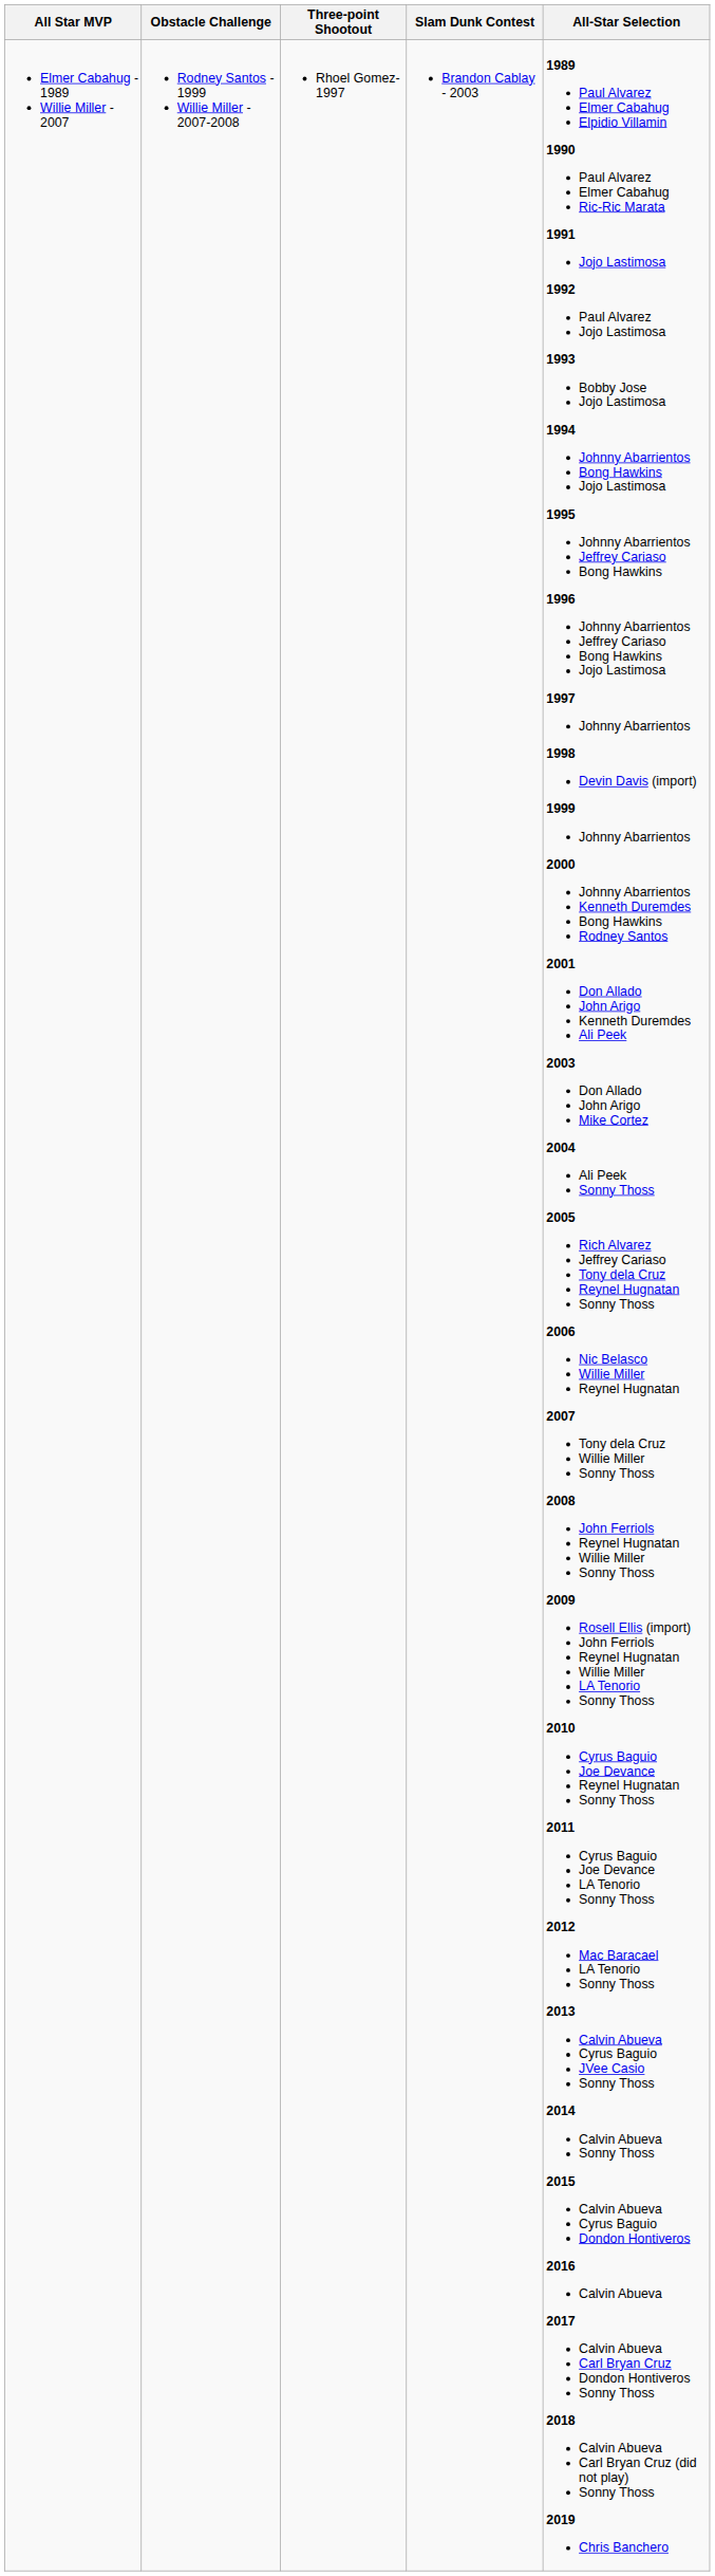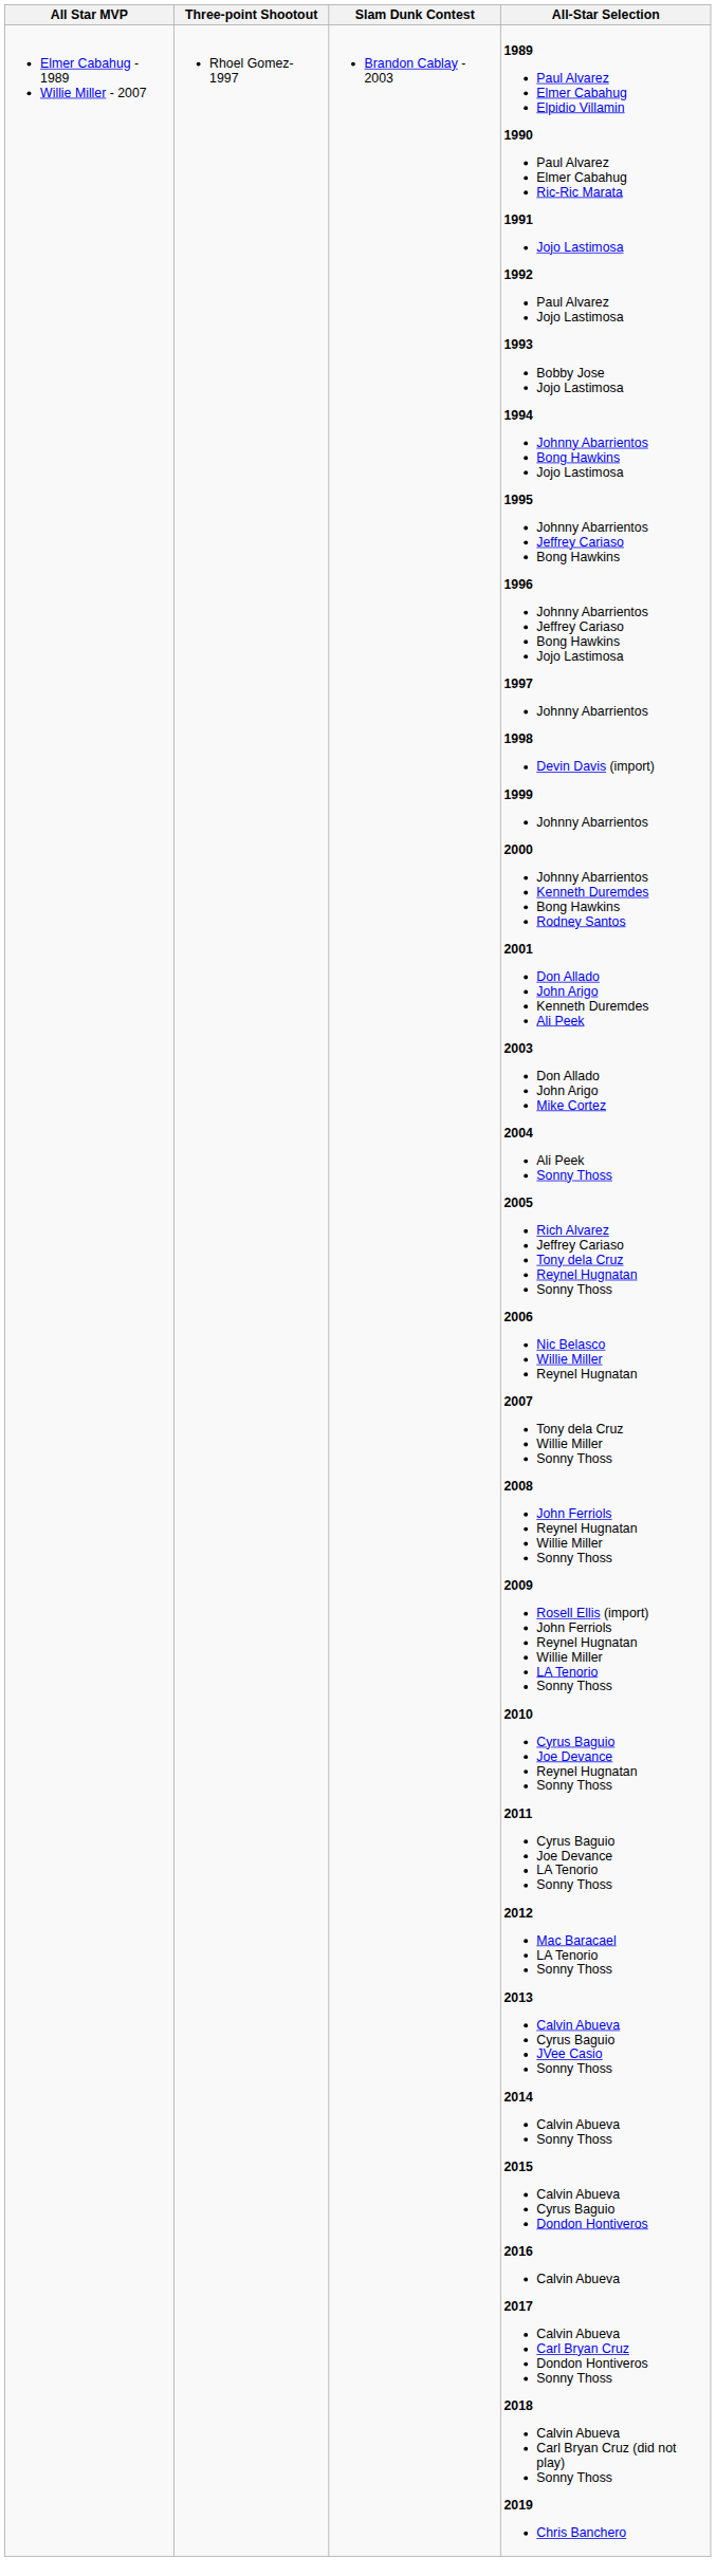 <table class=wikitable>
 <tr>
 <th>All Star MVP</th>
-<th>Obstacle Challenge</th>
 <th>Three-point Shootout</th>
 <th>Slam Dunk Contest</th>
 <th>All-Star Selection</th>
 </tr>
 <tr>
 <td valign="top"><br><ul><li><a href='#'>Elmer Cabahug</a> - 1989</li><li><a href='#'>Willie Miller</a> - 2007</li></ul></td>
-<td valign="top"><br><ul><li><a href='#'>Rodney Santos</a> - 1999</li><li><a href='#'>Willie Miller</a> - 2007-2008</li></ul></td>
 <td valign="top"><br><ul><li>Rhoel Gomez- 1997</li></ul></td>
 <td valign="top"><br><ul><li><a href='#'>Brandon Cablay</a> - 2003</li></ul></td>
 <td valign="top"><br><strong>1989</strong><ul><li><a href='#'>Paul Alvarez</a></li><li><a href='#'>Elmer Cabahug</a></li><li><a href='#'>Elpidio Villamin</a></li></ul><strong>1990</strong><ul><li>Paul Alvarez</li><li>Elmer Cabahug</li><li><a href='#'>Ric-Ric Marata</a></li></ul><strong>1991</strong><ul><li><a href='#'>Jojo Lastimosa</a></li></ul><strong>1992</strong><ul><li>Paul Alvarez</li><li>Jojo Lastimosa</li></ul><strong>1993</strong><ul><li>Bobby Jose</li><li>Jojo Lastimosa</li></ul><strong>1994</strong><ul><li><a href='#'>Johnny Abarrientos</a></li><li><a href='#'>Bong Hawkins</a></li><li>Jojo Lastimosa</li></ul><strong>1995</strong><ul><li>Johnny Abarrientos</li><li><a href='#'>Jeffrey Cariaso</a></li><li>Bong Hawkins</li></ul><strong>1996</strong><ul><li>Johnny Abarrientos</li><li>Jeffrey Cariaso</li><li>Bong Hawkins</li><li>Jojo Lastimosa</li></ul><strong>1997</strong><ul><li>Johnny Abarrientos</li></ul><strong>1998</strong><ul><li><a href='#'>Devin Davis</a> (import)</li></ul><strong>1999</strong><ul><li>Johnny Abarrientos</li></ul><strong>2000</strong><ul><li>Johnny Abarrientos</li><li><a href='#'>Kenneth Duremdes</a></li><li>Bong Hawkins</li><li><a href='#'>Rodney Santos</a></li></ul><strong>2001</strong><ul><li><a href='#'>Don Allado</a></li><li><a href='#'>John Arigo</a></li><li>Kenneth Duremdes</li><li><a href='#'>Ali Peek</a></li></ul><strong>2003</strong><ul><li>Don Allado</li><li>John Arigo</li><li><a href='#'>Mike Cortez</a></li></ul><strong>2004</strong><ul><li>Ali Peek</li><li><a href='#'>Sonny Thoss</a></li></ul><strong>2005</strong><ul><li><a href='#'>Rich Alvarez</a></li><li>Jeffrey Cariaso</li><li><a href='#'>Tony dela Cruz</a></li><li><a href='#'>Reynel Hugnatan</a></li><li>Sonny Thoss</li></ul><strong>2006</strong><ul><li><a href='#'>Nic Belasco</a></li><li><a href='#'>Willie Miller</a></li><li>Reynel Hugnatan</li></ul><strong>2007</strong><ul><li>Tony dela Cruz</li><li>Willie Miller</li><li>Sonny Thoss</li></ul><strong>2008</strong><ul><li><a href='#'>John Ferriols</a></li><li>Reynel Hugnatan</li><li>Willie Miller</li><li>Sonny Thoss</li></ul><strong>2009</strong><ul><li><a href='#'>Rosell Ellis</a> (import)</li><li>John Ferriols</li><li>Reynel Hugnatan</li><li>Willie Miller</li><li><a href='#'>LA Tenorio</a></li><li>Sonny Thoss</li></ul><strong>2010</strong><ul><li><a href='#'>Cyrus Baguio</a></li><li><a href='#'>Joe Devance</a></li><li>Reynel Hugnatan</li><li>Sonny Thoss</li></ul><strong>2011</strong><ul><li>Cyrus Baguio</li><li>Joe Devance</li><li>LA Tenorio</li><li>Sonny Thoss</li></ul><strong>2012</strong><ul><li><a href='#'>Mac Baracael</a></li><li>LA Tenorio</li><li>Sonny Thoss</li></ul><strong>2013</strong><ul><li><a href='#'>Calvin Abueva</a></li><li>Cyrus Baguio</li><li><a href='#'>JVee Casio</a></li><li>Sonny Thoss</li></ul><strong>2014</strong><ul><li>Calvin Abueva</li><li>Sonny Thoss</li></ul><strong>2015</strong><ul><li>Calvin Abueva</li><li>Cyrus Baguio</li><li><a href='#'>Dondon Hontiveros</a></li></ul><strong>2016</strong><ul><li>Calvin Abueva</li></ul><strong>2017</strong><ul><li>Calvin Abueva</li><li><a href='#'>Carl Bryan Cruz</a></li><li>Dondon Hontiveros</li><li>Sonny Thoss</li></ul><strong>2018</strong><ul><li>Calvin Abueva</li><li>Carl Bryan Cruz (did not play)</li><li>Sonny Thoss</li></ul><strong>2019</strong><ul><li><a href='#'>Chris Banchero</a></li></ul></td>
 </tr>
 </table>
